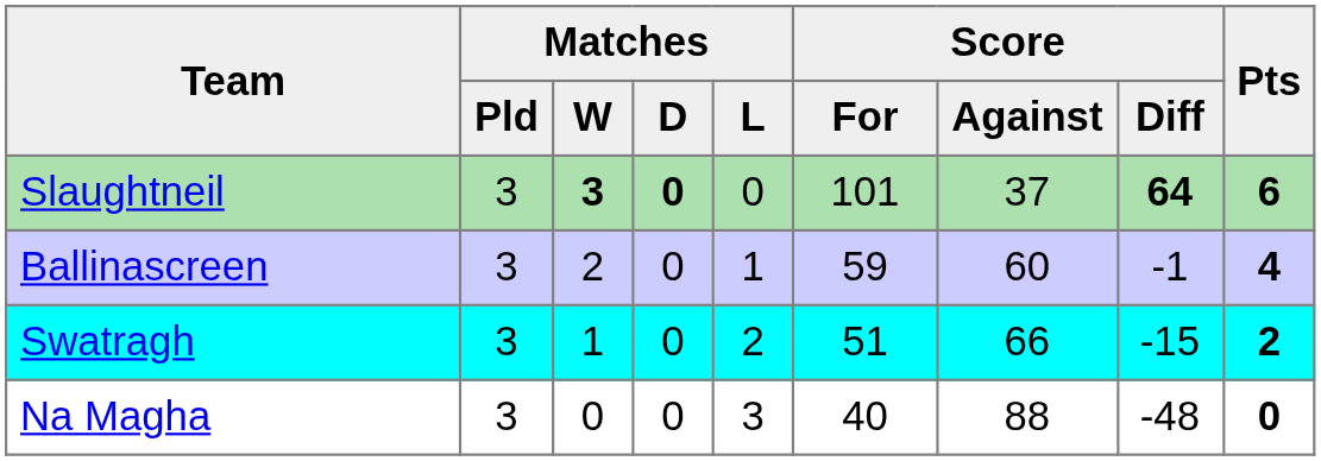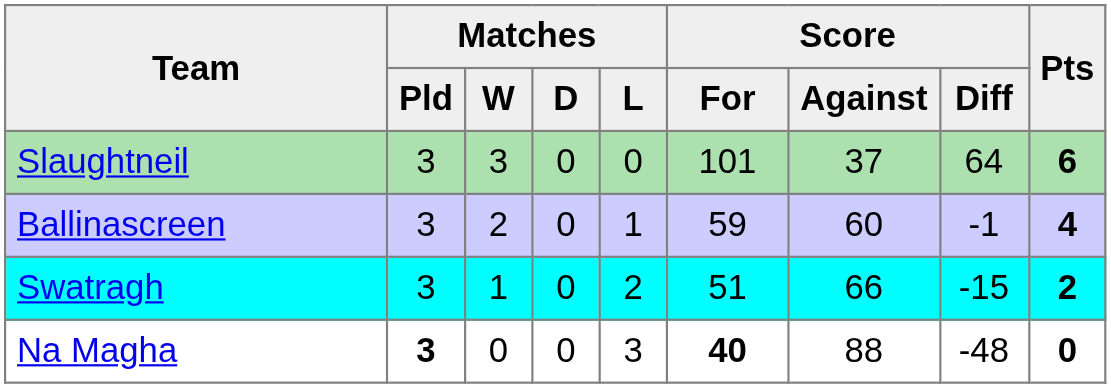 <table style=border-collapse:collapse border=1 cellspacing=0 cellpadding=5>
 <tr align=center bgcolor=#efefef>
 <th rowspan=2 width=165>Team</th>
 <th colspan=4>Matches</th>
 <th colspan=3>Score</th>
 <th rowspan=2width=20>Pts</th>
 </tr>
 <tr align=center bgcolor=#efefef>
 <th width=20>Pld</th>
 <th width=20>W</th>
 <th width=20>D</th>
 <th width=20>L</th>
 <th width=45>For</th>
 <th width=45>Against</th>
 <th width=30>Diff</th>
 </tr>
 <tr align=center style="background:#ACE1AF;">
 <td style="text-align:left;"><a href='#'>Slaughtneil</a></td>
 <td>3</td>
-<td><strong>3</strong></td>
-<td><strong>0</strong></td>
+<td>3</td>
+<td>0</td>
 <td>0</td>
 <td>101</td>
 <td>37</td>
-<td><strong>64</strong></td>
+<td>64</td>
 <td><strong>6</strong></td>
 </tr>
 <tr align=center style="background:#ccccff;">
 <td style="text-align:left;"><a href='#'>Ballinascreen</a></td>
 <td>3</td>
 <td>2</td>
 <td>0</td>
 <td>1</td>
 <td>59</td>
 <td>60</td>
 <td>-1</td>
 <td><strong>4</strong></td>
 </tr>
 <tr align=center style="background:#00FFFF;">
 <td style="text-align:left;"><a href='#'>Swatragh</a></td>
 <td>3</td>
 <td>1</td>
 <td>0</td>
 <td>2</td>
 <td>51</td>
 <td>66</td>
 <td>-15</td>
 <td><strong>2</strong></td>
 </tr>
 <tr align=center>
 <td style="text-align:left;"><a href='#'>Na Magha</a></td>
-<td>3</td>
+<td><strong>3</strong></td>
 <td>0</td>
 <td>0</td>
 <td>3</td>
-<td>40</td>
+<td><strong>40</strong></td>
 <td>88</td>
 <td>-48</td>
 <td><strong>0</strong></td>
 </tr>
 </table>
